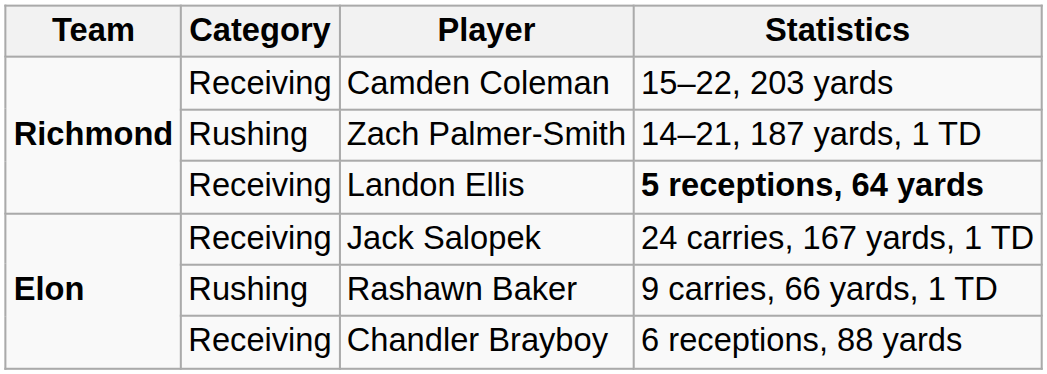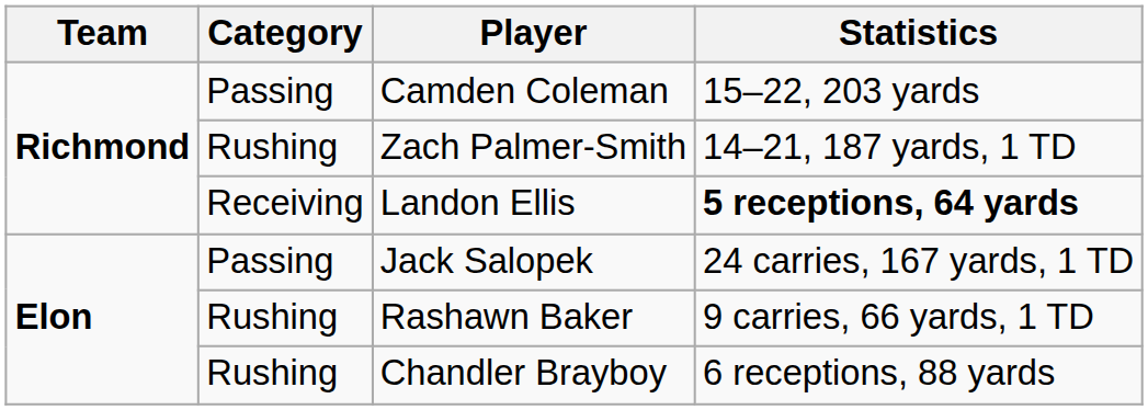 <table class="wikitable" style="float: right;">
 <tr>
 <th>Team</th>
 <th>Category</th>
 <th>Player</th>
 <th>Statistics</th>
 </tr>
 <tr>
 <td rowspan=3><strong>Richmond</strong></td>
-<td>Receiving</td>
+<td>Passing</td>
 <td>Camden Coleman</td>
 <td>15–22, 203 yards</td>
 </tr>
 <tr>
 <td>Rushing</td>
 <td>Zach Palmer-Smith</td>
 <td>14–21, 187 yards, 1 TD</td>
 </tr>
 <tr>
 <td>Receiving</td>
 <td>Landon Ellis</td>
 <td><strong>5 receptions, 64 yards</strong></td>
 </tr>
 <tr>
 <td rowspan=3><strong>Elon</strong></td>
-<td>Receiving</td>
+<td>Passing</td>
 <td>Jack Salopek</td>
 <td>24 carries, 167 yards, 1 TD</td>
 </tr>
 <tr>
 <td>Rushing</td>
 <td>Rashawn Baker</td>
 <td>9 carries, 66 yards, 1 TD</td>
 </tr>
 <tr>
-<td>Receiving</td>
+<td>Rushing</td>
 <td>Chandler Brayboy</td>
 <td>6 receptions, 88 yards</td>
 </tr>
 </table>
